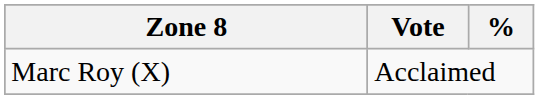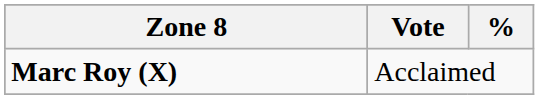 <table class="wikitable">
 <tr>
 <th bgcolor="#DDDDFF" width="200px">Zone 8</th>
 <th bgcolor="#DDDDFF" width="50px">Vote</th>
 <th bgcolor="#DDDDFF" width="30px">%</th>
 </tr>
 <tr>
-<td>Marc Roy (X)</td>
+<td><strong>Marc Roy (X)</strong></td>
 <td colspan="2">Acclaimed</td>
 </tr>
 </table>
